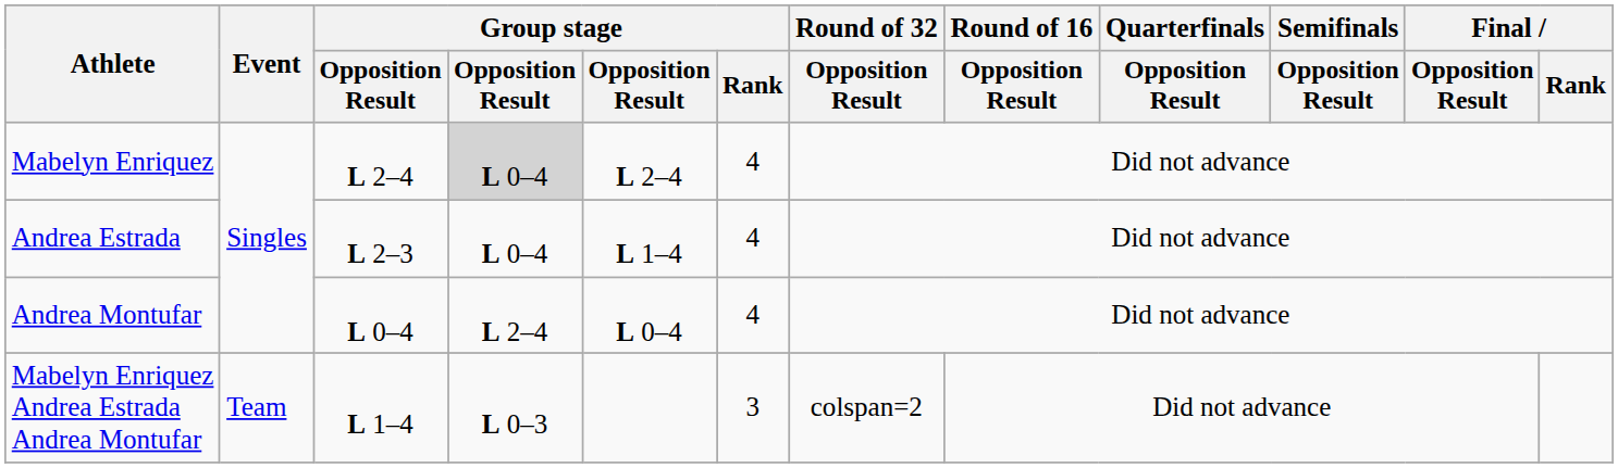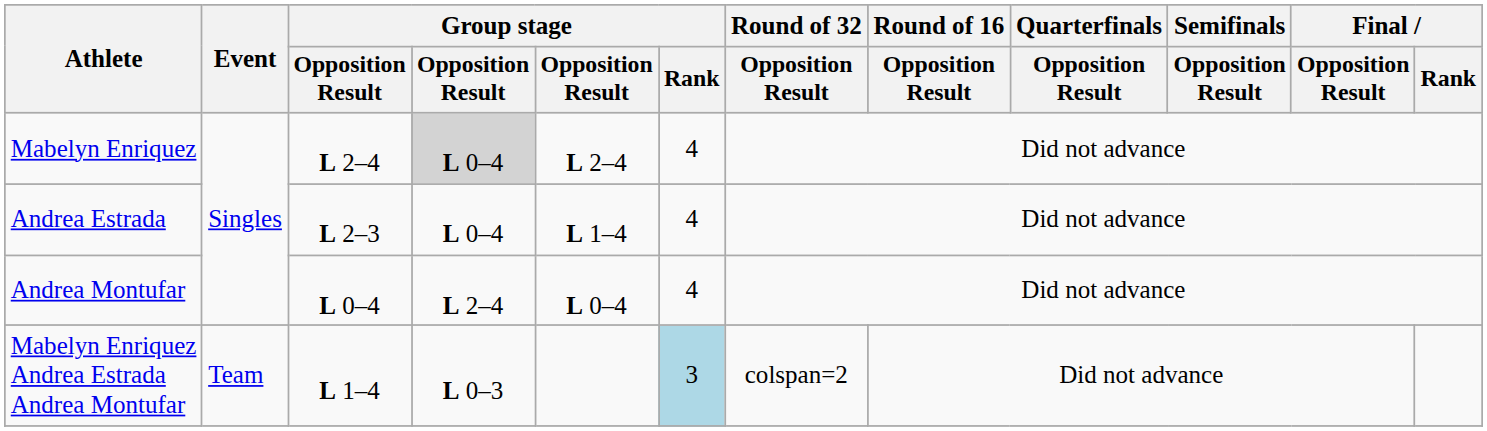 <table class="wikitable" style="font-size:90%">
 <tr>
 <th rowspan=2>Athlete</th>
 <th rowspan=2>Event</th>
 <th colspan=4>Group stage</th>
 <th>Round of 32</th>
 <th>Round of 16</th>
 <th>Quarterfinals</th>
 <th>Semifinals</th>
 <th colspan=2>Final / </th>
 </tr>
 <tr style="font-size:95%">
 <th>Opposition<br>Result</th>
 <th>Opposition<br>Result</th>
 <th>Opposition<br>Result</th>
 <th>Rank</th>
 <th>Opposition<br>Result</th>
 <th>Opposition<br>Result</th>
 <th>Opposition<br>Result</th>
 <th>Opposition<br>Result</th>
 <th>Opposition<br>Result</th>
 <th>Rank</th>
 </tr>
 <tr align=center>
 <td align=left><a href='#'>Mabelyn Enriquez</a></td>
 <td align=left rowspan=3><a href='#'>Singles</a></td>
 <td><br><strong>L</strong> 2–4</td>
 <td style="background: lightgrey;"><br><strong>L</strong> 0–4</td>
 <td><br><strong>L</strong> 2–4</td>
 <td>4</td>
 <td colspan=6>Did not advance</td>
 </tr>
 <tr align=center>
 <td align=left><a href='#'>Andrea Estrada</a></td>
 <td><br><strong>L</strong> 2–3</td>
 <td><br><strong>L</strong> 0–4</td>
 <td><br><strong>L</strong> 1–4</td>
 <td>4</td>
 <td colspan=6>Did not advance</td>
 </tr>
 <tr align=center>
 <td align=left><a href='#'>Andrea Montufar</a></td>
 <td><br><strong>L</strong> 0–4</td>
 <td><br><strong>L</strong> 2–4</td>
 <td><br><strong>L</strong> 0–4</td>
 <td>4</td>
 <td colspan=6>Did not advance</td>
 </tr>
 <tr align=center>
 <td align=left><a href='#'>Mabelyn Enriquez</a><br><a href='#'>Andrea Estrada</a><br><a href='#'>Andrea Montufar</a></td>
 <td align=left><a href='#'>Team</a></td>
 <td><br><strong>L</strong> 1–4</td>
 <td><br><strong>L</strong> 0–3</td>
 <td></td>
-<td>3</td>
+<td style="background: lightblue;">3</td>
 <td>colspan=2 </td>
 <td colspan=4>Did not advance</td>
 </tr>
 </table>
